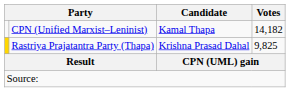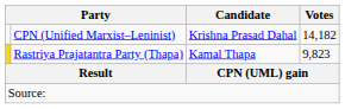 <table class="wikitable">
 <tr>
 <th colspan="2">Party</th>
 <th>Candidate</th>
 <th>Votes</th>
 </tr>
 <tr>
 <td style="background-color:"></td>
 <td><a href='#'>CPN (Unified Marxist–Leninist)</a></td>
-<td><a href='#'>Kamal Thapa</a></td>
+<td><a href='#'>Krishna Prasad Dahal</a></td>
 <td>14,182</td>
 </tr>
 <tr>
 <td style="background-color:gold"></td>
 <td><a href='#'>Rastriya Prajatantra Party (Thapa)</a></td>
-<td><a href='#'>Krishna Prasad Dahal</a></td>
-<td>9,825</td>
+<td><a href='#'>Kamal Thapa</a></td>
+<td>9,823</td>
 </tr>
 <tr>
 <th colspan="2">Result</th>
 <th colspan="2">CPN (UML) gain</th>
 </tr>
 <tr>
 <td colspan="4">Source: </td>
 </tr>
 </table>
